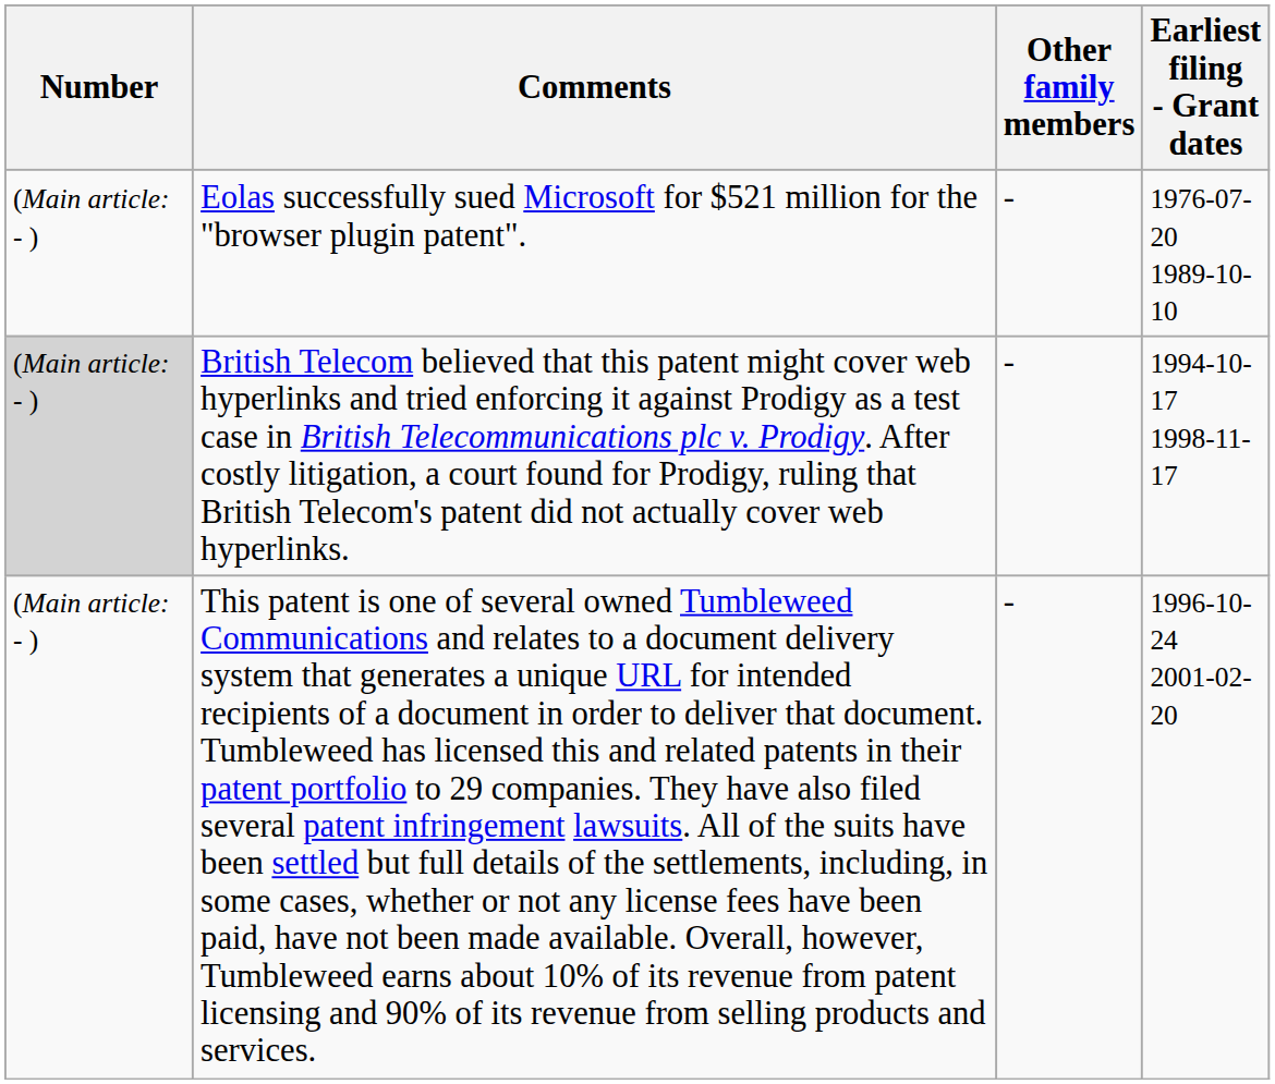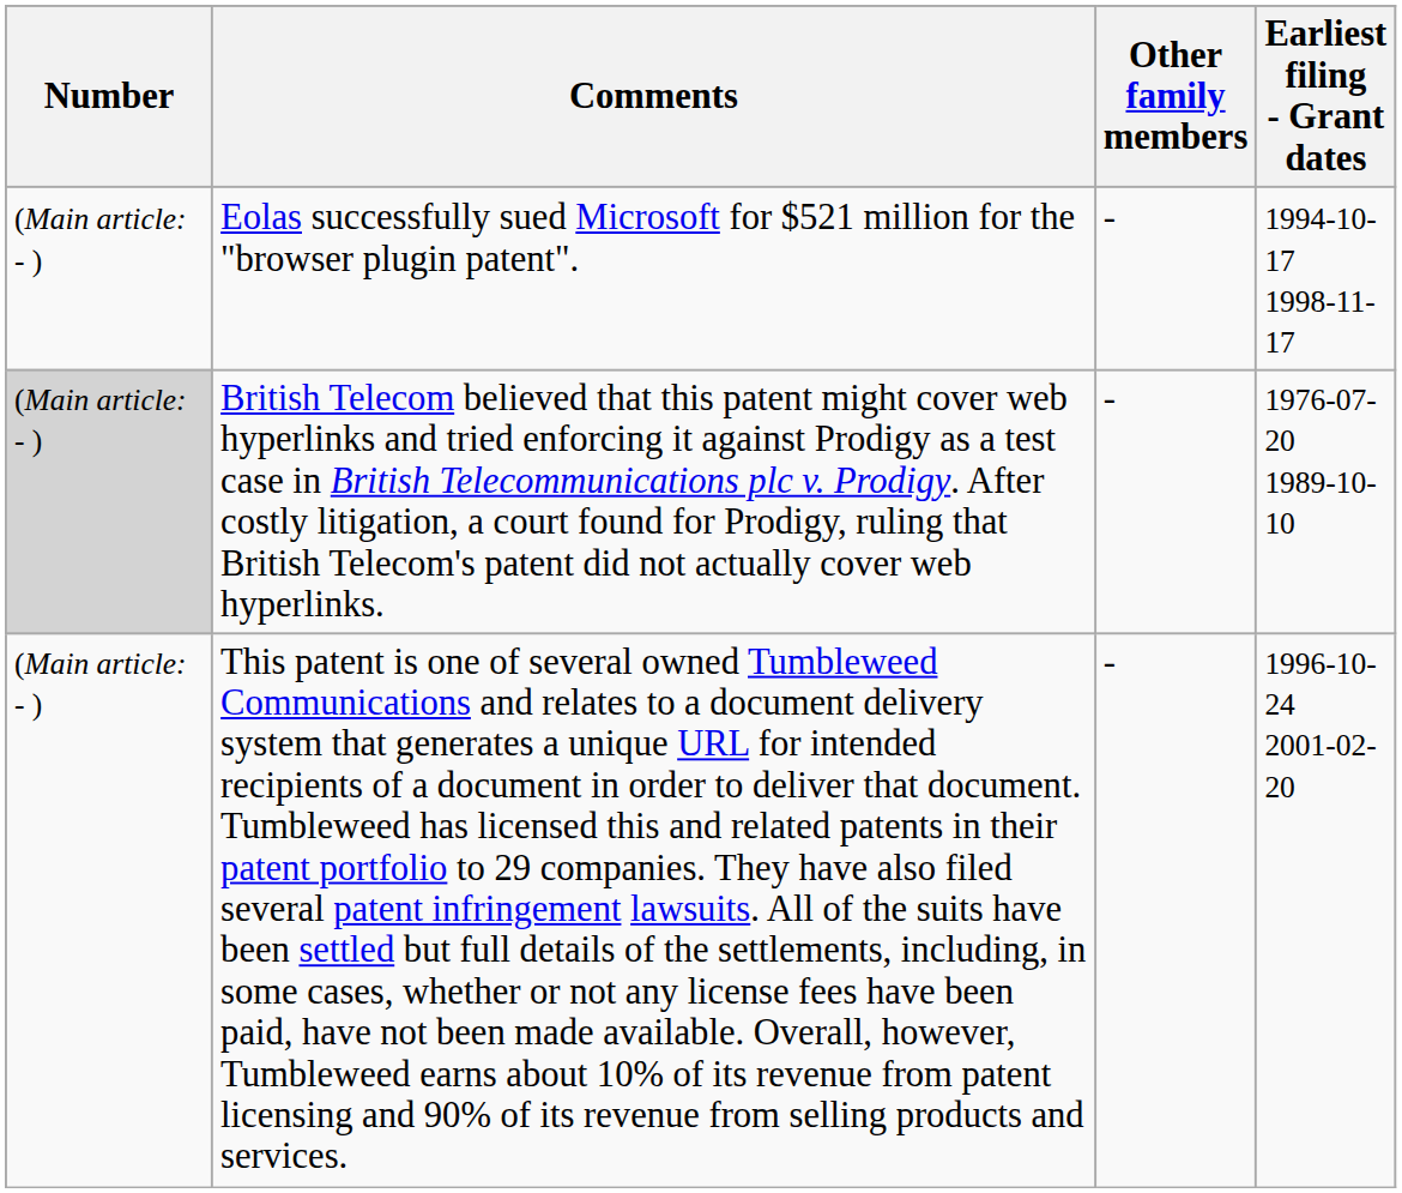 <table class=wikitable>
 <tr>
 <th width="15%">Number</th>
 <th width="65%">Comments</th>
 <th width="10%">Other <a href='#'>family</a> members</th>
 <th width="10%">Earliest filing <br> - Grant dates</th>
 </tr>
 <tr valign="top">
 <td><strong></strong> <small> (<em>Main article: - </em>) </small></td>
 <td><a href='#'>Eolas</a> successfully sued <a href='#'>Microsoft</a> for $521 million for the "browser plugin patent".</td>
 <td>-</td>
-<td><small> 1976-07-20 <br> </small> <small>1989-10-10 </small></td>
+<td><small> 1994-10-17 <br> </small> <small>1998-11-17 </small></td>
 </tr>
 <tr valign="top">
 <td style="background: lightgrey;"><strong></strong> <small> (<em>Main article: - </em>) </small></td>
 <td><a href='#'>British Telecom</a> believed that this patent might cover web hyperlinks and tried enforcing it against Prodigy as a test case in <em><a href='#'>British Telecommunications plc v. Prodigy</a></em>. After costly litigation, a court found for Prodigy, ruling that British Telecom's patent did not actually cover web hyperlinks.</td>
 <td>-</td>
-<td><small> 1994-10-17 <br> </small> <small>1998-11-17 </small></td>
+<td><small> 1976-07-20 <br> </small> <small>1989-10-10 </small></td>
 </tr>
 <tr valign="top">
 <td><strong></strong> <small>(<em>Main article: - </em>) </small></td>
 <td>This patent is one of several owned <a href='#'>Tumbleweed Communications</a> and relates to a document delivery system that generates a unique <a href='#'>URL</a> for intended recipients of a document in order to deliver that document. Tumbleweed has licensed this and related patents in their <a href='#'>patent portfolio</a> to 29 companies. They have also filed several <a href='#'>patent infringement</a> <a href='#'>lawsuits</a>. All of the suits have been <a href='#'>settled</a> but full details of the settlements, including, in some cases, whether or not any license fees have been paid, have not been made available. Overall, however, Tumbleweed earns about 10% of its revenue from patent licensing and 90% of its revenue from selling products and services.</td>
 <td>-</td>
 <td><small> 1996-10-24 <br> </small> <small>2001-02-20 </small></td>
 </tr>
 </table>
